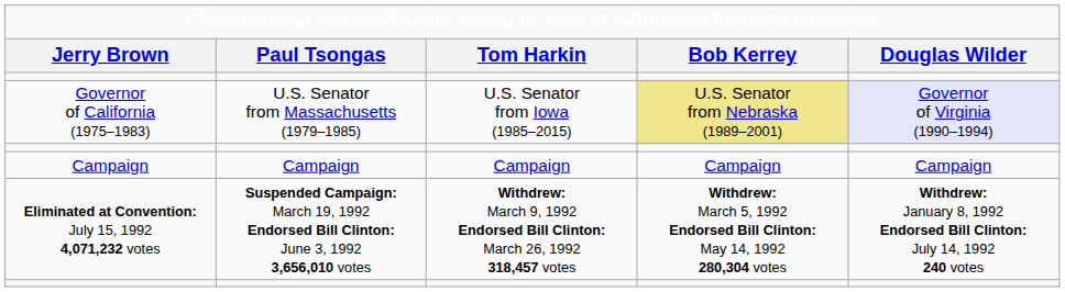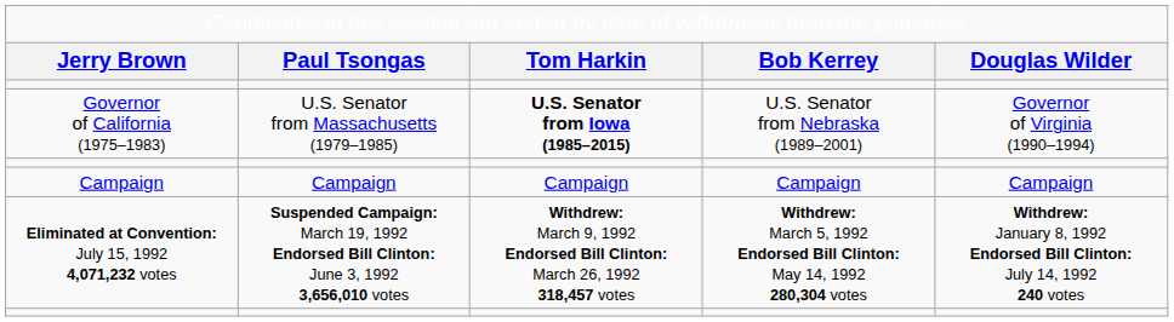 <table class="wikitable mw-collapsible" style="font-size:90%;">
 <tr>
 <td colspan="9" style="text-align:center; width:700px; font-size:120%; color:white; background:"><em>Candidates in this section are sorted by date of withdrawal from the primaries</em></td>
 </tr>
 <tr style="text-align:center">
 <th scope="col" style="width:10em; font-size:120%;"><a href='#'>Jerry Brown</a></th>
 <th scope="col" style="width:10em; font-size:120%;"><a href='#'>Paul Tsongas</a></th>
 <th scope="col" style="width:10em; font-size:120%;"><a href='#'>Tom Harkin</a></th>
 <th scope="col" style="width:10em; font-size:120%;"><a href='#'>Bob Kerrey</a></th>
 <th scope="col" style="width:10em; font-size:120%;"><a href='#'>Douglas Wilder</a></th>
 </tr>
 <tr style="text-align:center">
 <td></td>
 <td></td>
 <td></td>
 <td></td>
 <td></td>
 </tr>
 <tr style="text-align:center">
 <td><a href='#'>Governor</a><br>of <a href='#'>California</a><br><small>(1975–1983)</small></td>
 <td>U.S. Senator<br>from <a href='#'>Massachusetts</a><br><small>(1979–1985)</small></td>
-<td>U.S. Senator<br>from <a href='#'>Iowa</a><br><small>(1985–2015)</small></td>
-<td style="background: khaki;">U.S. Senator<br>from <a href='#'>Nebraska</a><br><small>(1989–2001)</small></td>
-<td style="background: lavender;"><a href='#'>Governor</a><br>of <a href='#'>Virginia</a><br><small>(1990–1994)</small></td>
+<td><strong>U.S. Senator<br>from <a href='#'>Iowa</a><br><small>(1985–2015)</small></strong></td>
+<td>U.S. Senator<br>from <a href='#'>Nebraska</a><br><small>(1989–2001)</small></td>
+<td><a href='#'>Governor</a><br>of <a href='#'>Virginia</a><br><small>(1990–1994)</small></td>
 </tr>
 <tr style="text-align:center">
 <td></td>
 <td></td>
 <td></td>
 <td></td>
 <td></td>
 </tr>
 <tr style="text-align:center">
 <td><a href='#'>Campaign</a></td>
 <td><a href='#'>Campaign</a></td>
 <td><a href='#'>Campaign</a></td>
 <td><a href='#'>Campaign</a></td>
 <td><a href='#'>Campaign</a></td>
 </tr>
 <tr style="text-align:center">
 <td><small><strong>Eliminated at Convention:</strong><br>July 15, 1992</small><br><small><strong>4,071,232</strong> votes</small></td>
 <td><small><strong>Suspended Campaign:</strong><br>March 19, 1992</small><br><small><strong>Endorsed Bill Clinton:</strong><br>June 3, 1992</small><br><small><strong>3,656,010</strong> votes</small></td>
 <td><small><strong>Withdrew:</strong><br>March 9, 1992</small><br><small><strong>Endorsed Bill Clinton:</strong><br>March 26, 1992</small><br><small><strong>318,457</strong> votes</small></td>
 <td><small><strong>Withdrew:</strong><br>March 5, 1992</small><br><small><strong>Endorsed Bill Clinton:</strong><br>May 14, 1992</small><br><small><strong>280,304</strong> votes</small></td>
 <td><small><strong>Withdrew:</strong><br>January 8, 1992</small><br><small><strong>Endorsed Bill Clinton:</strong><br>July 14, 1992</small><br><small><strong>240</strong> votes</small></td>
 </tr>
 <tr>
 <td></td>
 <td></td>
 <td></td>
 <td></td>
 <td></td>
 </tr>
 </table>
